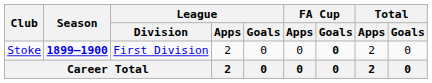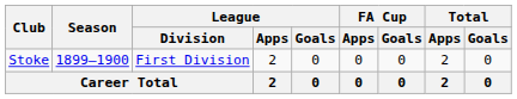 <table class="wikitable" style="text-align: center;">
 <tr>
 <th rowspan="2">Club</th>
 <th rowspan="2">Season</th>
 <th colspan="3">League</th>
 <th colspan="2">FA Cup</th>
 <th colspan="2">Total</th>
 </tr>
 <tr>
 <th>Division</th>
 <th>Apps</th>
 <th>Goals</th>
 <th>Apps</th>
 <th>Goals</th>
 <th>Apps</th>
 <th>Goals</th>
 </tr>
 <tr>
 <td><a href='#'>Stoke</a></td>
-<td><strong><a href='#'>1899–1900</a></strong></td>
+<td><a href='#'>1899–1900</a></td>
 <td><a href='#'>First Division</a></td>
 <td>2</td>
 <td>0</td>
 <td>0</td>
-<td><strong>0</strong></td>
+<td>0</td>
 <td>2</td>
 <td>0</td>
 </tr>
 <tr>
 <th colspan="3">Career Total</th>
 <th>2</th>
 <th>0</th>
 <th>0</th>
 <th>0</th>
 <th>2</th>
 <th>0</th>
 </tr>
 </table>
